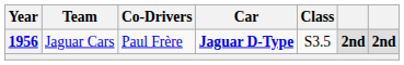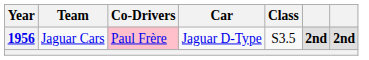 <table class="wikitable" style="text-align:center; font-size:90%">
 <tr>
 <th>Year</th>
 <th>Team</th>
 <th>Co-Drivers</th>
 <th>Car</th>
 <th>Class</th>
 <th></th>
 <th></th>
 </tr>
 <tr>
 <th><a href='#'>1956</a></th>
 <td align="left"> <a href='#'>Jaguar Cars</a></td>
-<td align="left"> <a href='#'>Paul Frère</a></td>
-<td align="left"><strong><a href='#'>Jaguar D-Type</a></strong></td>
+<td align="left" style="background: pink;"> <a href='#'>Paul Frère</a></td>
+<td align="left"><a href='#'>Jaguar D-Type</a></td>
 <td>S3.5</td>
 <td style="background:#dfdfdf;"><strong>2nd</strong></td>
 <td style="background:#dfdfdf;"><strong>2nd</strong></td>
 </tr>
 <tr>
 <th colspan="7"></th>
 </tr>
 </table>
